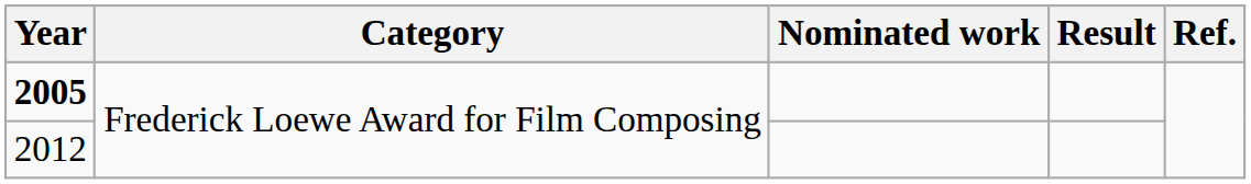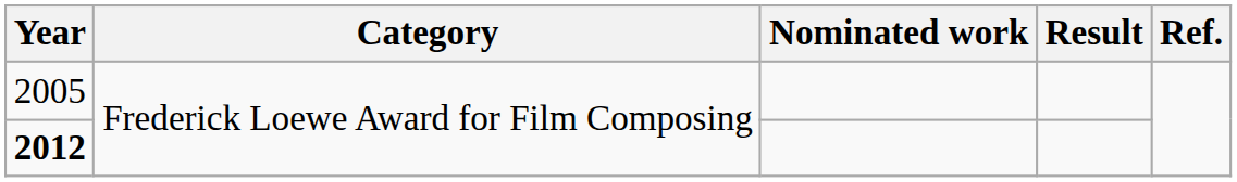 <table class="wikitable">
 <tr>
 <th>Year</th>
 <th>Category</th>
 <th>Nominated work</th>
 <th>Result</th>
 <th>Ref.</th>
 </tr>
 <tr>
-<td><strong>2005</strong></td>
+<td>2005</td>
 <td rowspan="2">Frederick Loewe Award for Film Composing</td>
 <td></td>
 <td></td>
 <td align="center" rowspan="2"></td>
 </tr>
 <tr>
-<td>2012</td>
+<td><strong>2012</strong></td>
 <td></td>
 <td></td>
 </tr>
 </table>
